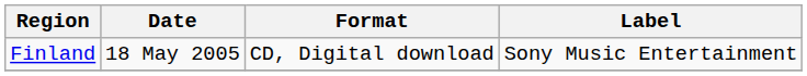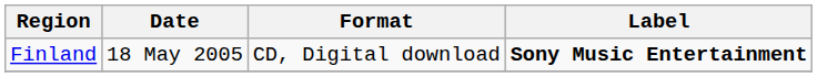 <table class=wikitable>
 <tr>
 <th>Region</th>
 <th>Date</th>
 <th>Format</th>
 <th>Label</th>
 </tr>
 <tr>
 <td><a href='#'>Finland</a></td>
 <td>18 May 2005</td>
 <td>CD, Digital download</td>
-<td>Sony Music Entertainment</td>
+<td><strong>Sony Music Entertainment</strong></td>
 </tr>
 <tr>
 </tr>
 </table>
